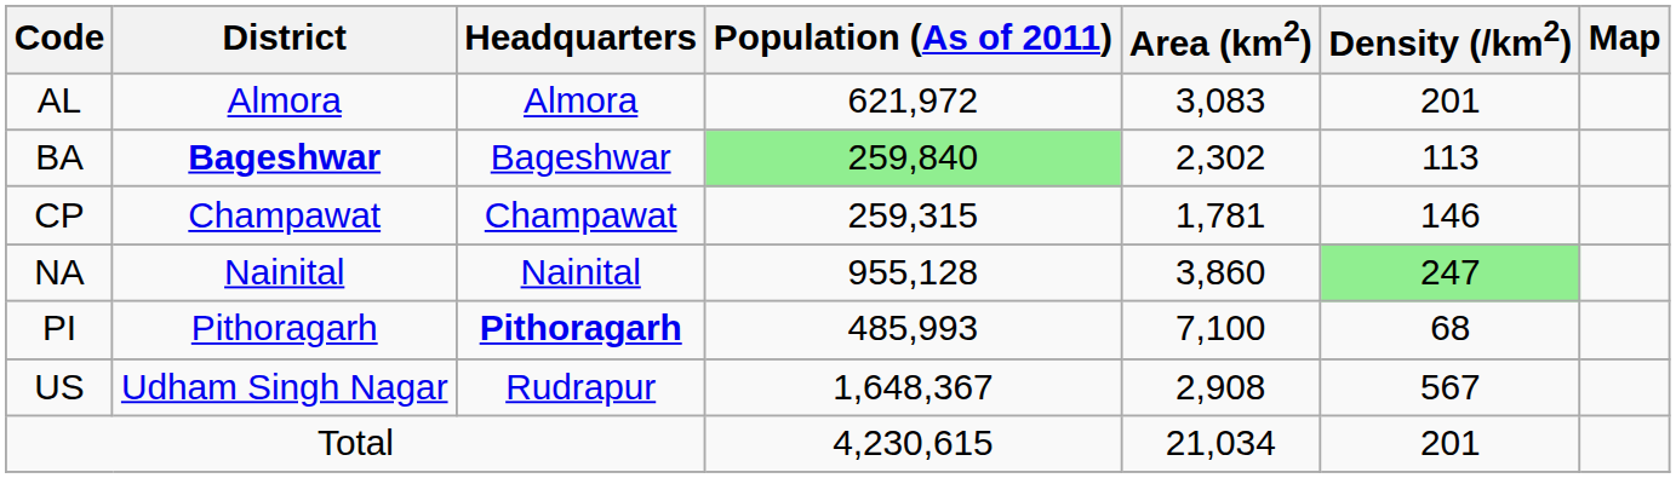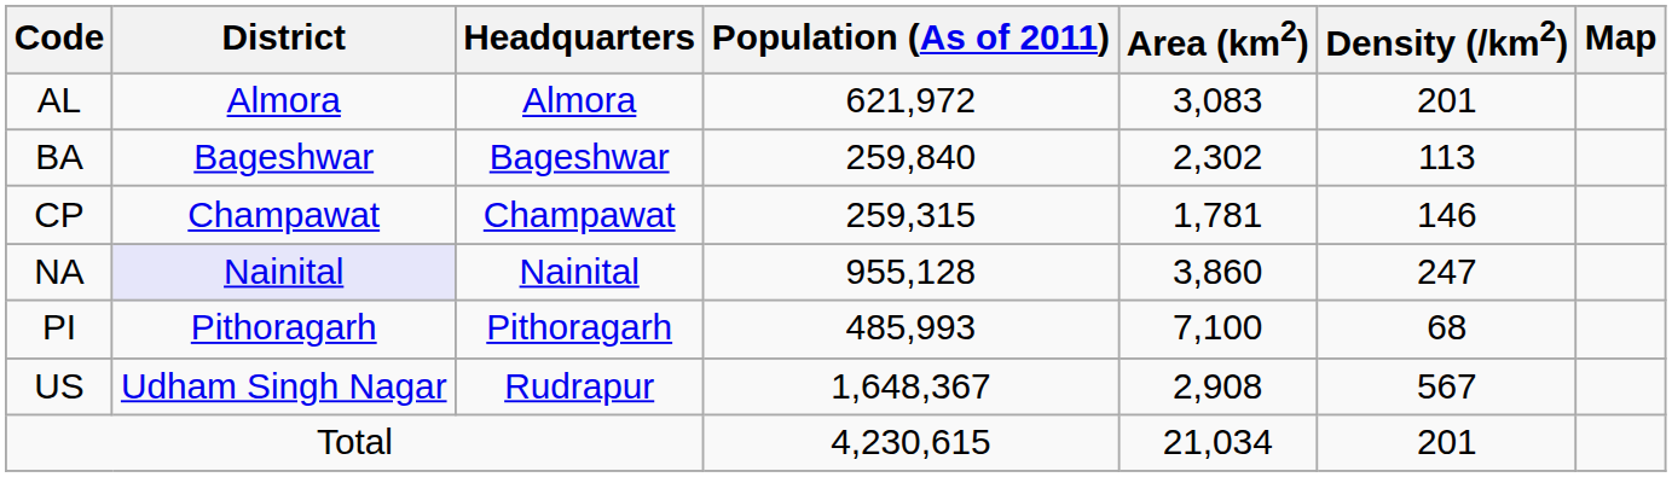 <table class="wikitable sortable" style="text-align: center;">
 <tr>
 <th>Code</th>
 <th>District</th>
 <th>Headquarters</th>
 <th>Population (<a href='#'>As of 2011</a>)</th>
 <th>Area (km<sup>2</sup>)</th>
 <th>Density (/km<sup>2</sup>)</th>
 <th>Map</th>
 </tr>
 <tr>
 <td>AL</td>
 <td><a href='#'>Almora</a></td>
 <td><a href='#'>Almora</a></td>
 <td>621,972</td>
 <td>3,083</td>
 <td>201</td>
 <td></td>
 </tr>
 <tr>
 <td>BA</td>
-<td><strong><a href='#'>Bageshwar</a></strong></td>
 <td><a href='#'>Bageshwar</a></td>
-<td style="background: lightgreen;">259,840</td>
+<td><a href='#'>Bageshwar</a></td>
+<td>259,840</td>
 <td>2,302</td>
 <td>113</td>
 <td></td>
 </tr>
 <tr>
 <td>CP</td>
 <td><a href='#'>Champawat</a></td>
 <td><a href='#'>Champawat</a></td>
 <td>259,315</td>
 <td>1,781</td>
 <td>146</td>
 <td></td>
 </tr>
 <tr>
 <td>NA</td>
-<td><a href='#'>Nainital</a></td>
+<td style="background: lavender;"><a href='#'>Nainital</a></td>
 <td><a href='#'>Nainital</a></td>
 <td>955,128</td>
 <td>3,860</td>
-<td style="background: lightgreen;">247</td>
+<td>247</td>
 <td></td>
 </tr>
 <tr>
 <td>PI</td>
 <td><a href='#'>Pithoragarh</a></td>
-<td><strong><a href='#'>Pithoragarh</a></strong></td>
+<td><a href='#'>Pithoragarh</a></td>
 <td>485,993</td>
 <td>7,100</td>
 <td>68</td>
 <td></td>
 </tr>
 <tr>
 <td>US</td>
 <td><a href='#'>Udham Singh Nagar</a></td>
 <td><a href='#'>Rudrapur</a></td>
 <td>1,648,367</td>
 <td>2,908</td>
 <td>567</td>
 <td></td>
 </tr>
 <tr>
 <td colspan=3>Total</td>
 <td>4,230,615</td>
 <td>21,034</td>
 <td>201</td>
 <td></td>
 </tr>
 </table>
